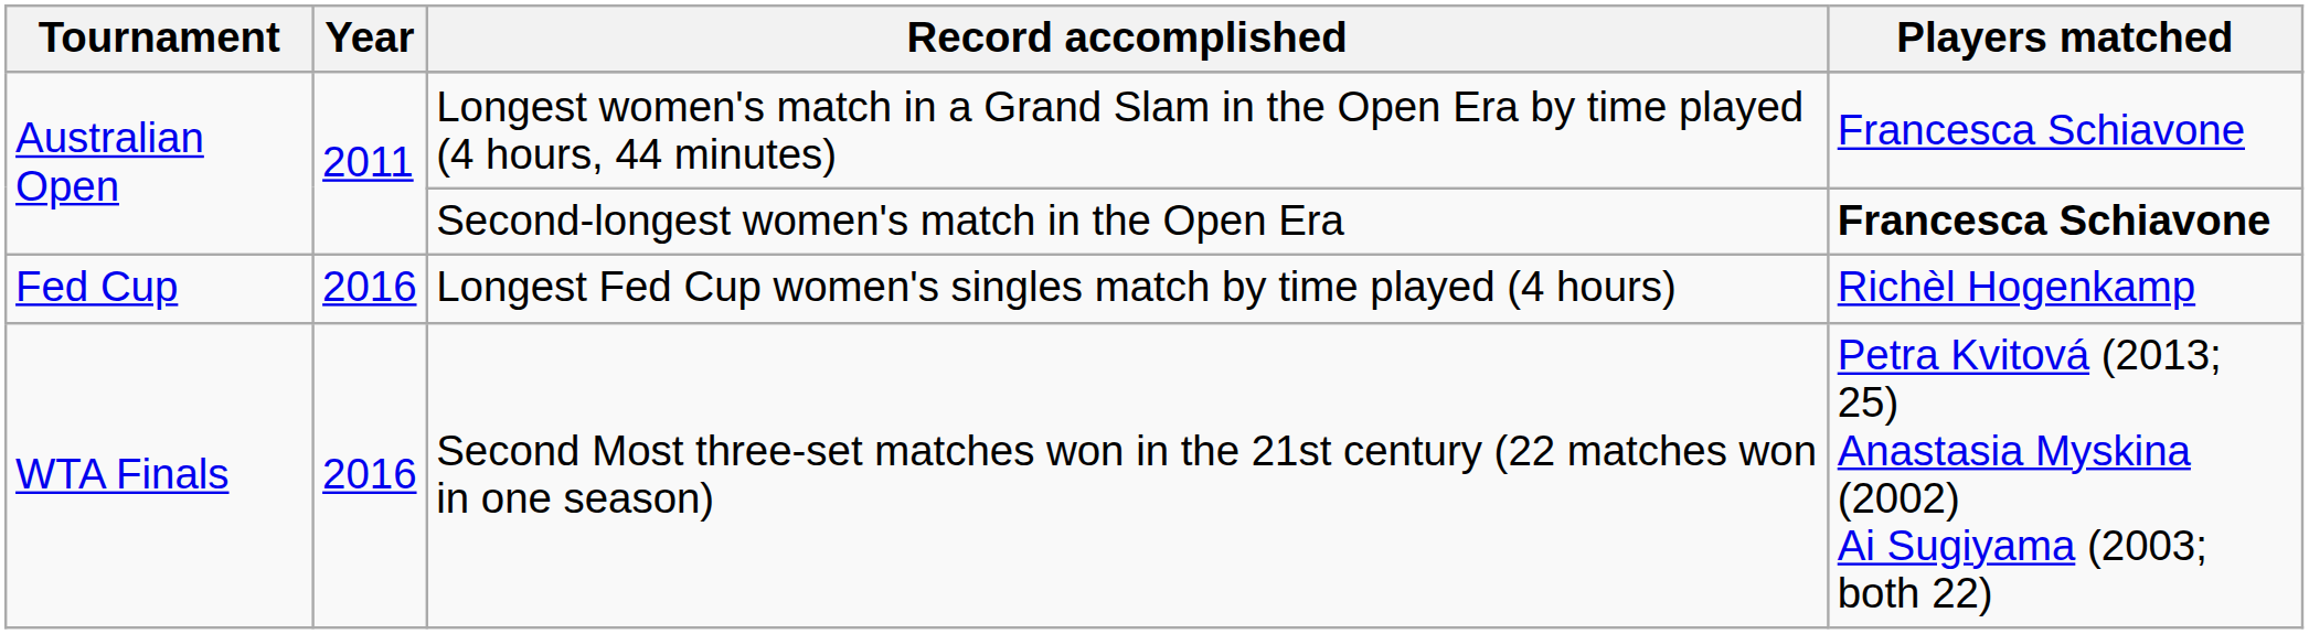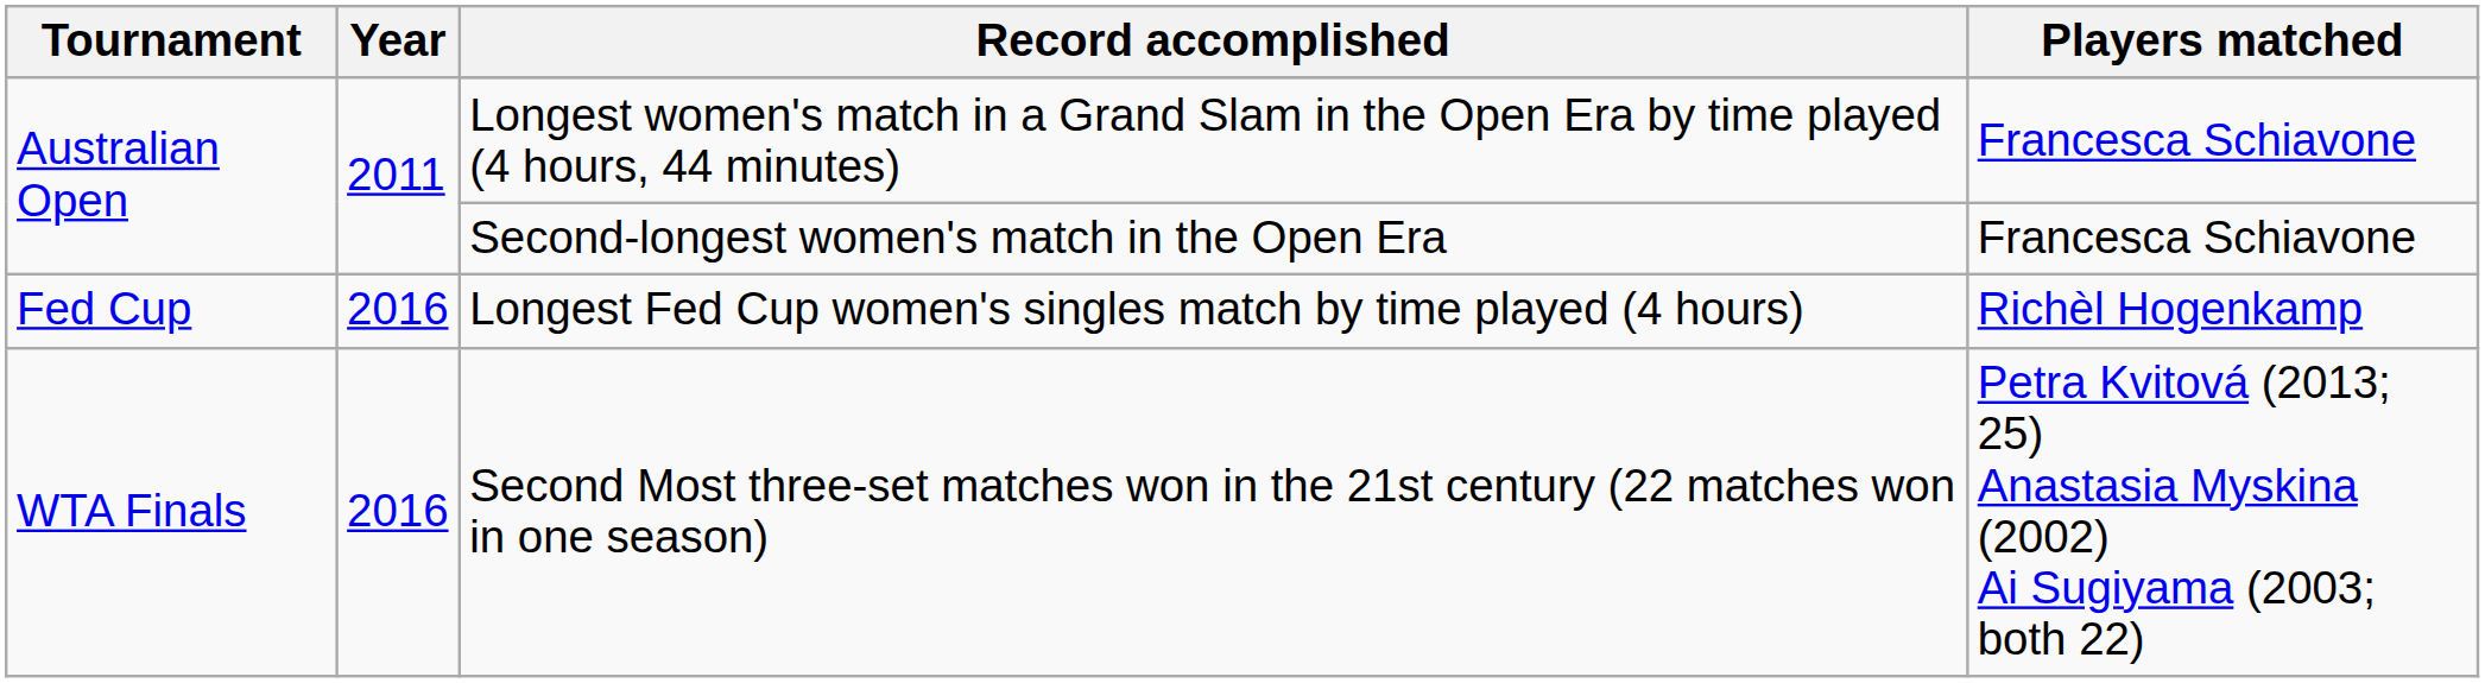 <table class="wikitable collapsible" style=text-align:left>
 <tr>
 <th>Tournament</th>
 <th>Year</th>
 <th>Record accomplished</th>
 <th>Players matched</th>
 </tr>
 <tr>
 <td rowspan=3><a href='#'>Australian Open</a></td>
 <td rowspan=3><a href='#'>2011</a></td>
 </tr>
 <tr>
 <td>Longest women's match in a Grand Slam in the Open Era by time played (4 hours, 44 minutes)</td>
 <td><a href='#'>Francesca Schiavone</a></td>
 </tr>
 <tr>
 <td>Second-longest women's match in the Open Era</td>
-<td><strong>Francesca Schiavone</strong></td>
+<td>Francesca Schiavone</td>
 </tr>
 <tr>
 <td><a href='#'>Fed Cup</a></td>
 <td><a href='#'>2016</a></td>
 <td>Longest Fed Cup women's singles match by time played (4 hours)</td>
 <td><a href='#'>Richèl Hogenkamp</a></td>
 </tr>
 <tr>
 <td><a href='#'>WTA Finals</a></td>
 <td><a href='#'>2016</a></td>
 <td>Second Most three-set matches won in the 21st century (22 matches won in one season)</td>
 <td><a href='#'>Petra Kvitová</a> (2013; 25)<br><a href='#'>Anastasia Myskina</a> (2002)<br><a href='#'>Ai Sugiyama</a> (2003; both 22)</td>
 </tr>
 </table>
